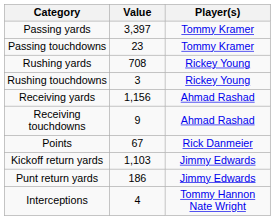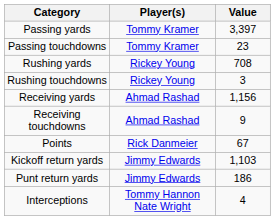 <table class="wikitable" style="text-align:center">
 <tr>
 <th width=150px>Category</th>
+<th width=150px>Player(s)</th>
 <th width=75px>Value</th>
-<th width=150px>Player(s)</th>
 </tr>
 <tr>
 <td>Passing yards</td>
+<td><a href='#'>Tommy Kramer</a></td>
 <td>3,397</td>
-<td><a href='#'>Tommy Kramer</a></td>
 </tr>
 <tr>
 <td>Passing touchdowns</td>
+<td><a href='#'>Tommy Kramer</a></td>
 <td>23</td>
-<td><a href='#'>Tommy Kramer</a></td>
 </tr>
 <tr>
 <td>Rushing yards</td>
+<td><a href='#'>Rickey Young</a></td>
 <td>708</td>
-<td><a href='#'>Rickey Young</a></td>
 </tr>
 <tr>
 <td>Rushing touchdowns</td>
+<td><a href='#'>Rickey Young</a></td>
 <td>3</td>
-<td><a href='#'>Rickey Young</a></td>
 </tr>
 <tr>
 <td>Receiving yards</td>
+<td><a href='#'>Ahmad Rashad</a></td>
 <td>1,156</td>
-<td><a href='#'>Ahmad Rashad</a></td>
 </tr>
 <tr>
 <td>Receiving touchdowns</td>
+<td><a href='#'>Ahmad Rashad</a></td>
 <td>9</td>
-<td><a href='#'>Ahmad Rashad</a></td>
 </tr>
 <tr>
 <td>Points</td>
+<td><a href='#'>Rick Danmeier</a></td>
 <td>67</td>
-<td><a href='#'>Rick Danmeier</a></td>
 </tr>
 <tr>
 <td>Kickoff return yards</td>
+<td><a href='#'>Jimmy Edwards</a></td>
 <td>1,103</td>
-<td><a href='#'>Jimmy Edwards</a></td>
 </tr>
 <tr>
 <td>Punt return yards</td>
+<td><a href='#'>Jimmy Edwards</a></td>
 <td>186</td>
-<td><a href='#'>Jimmy Edwards</a></td>
 </tr>
 <tr>
 <td>Interceptions</td>
+<td><a href='#'>Tommy Hannon</a> <br> <a href='#'>Nate Wright</a></td>
 <td>4</td>
-<td><a href='#'>Tommy Hannon</a> <br> <a href='#'>Nate Wright</a></td>
 </tr>
 </table>
